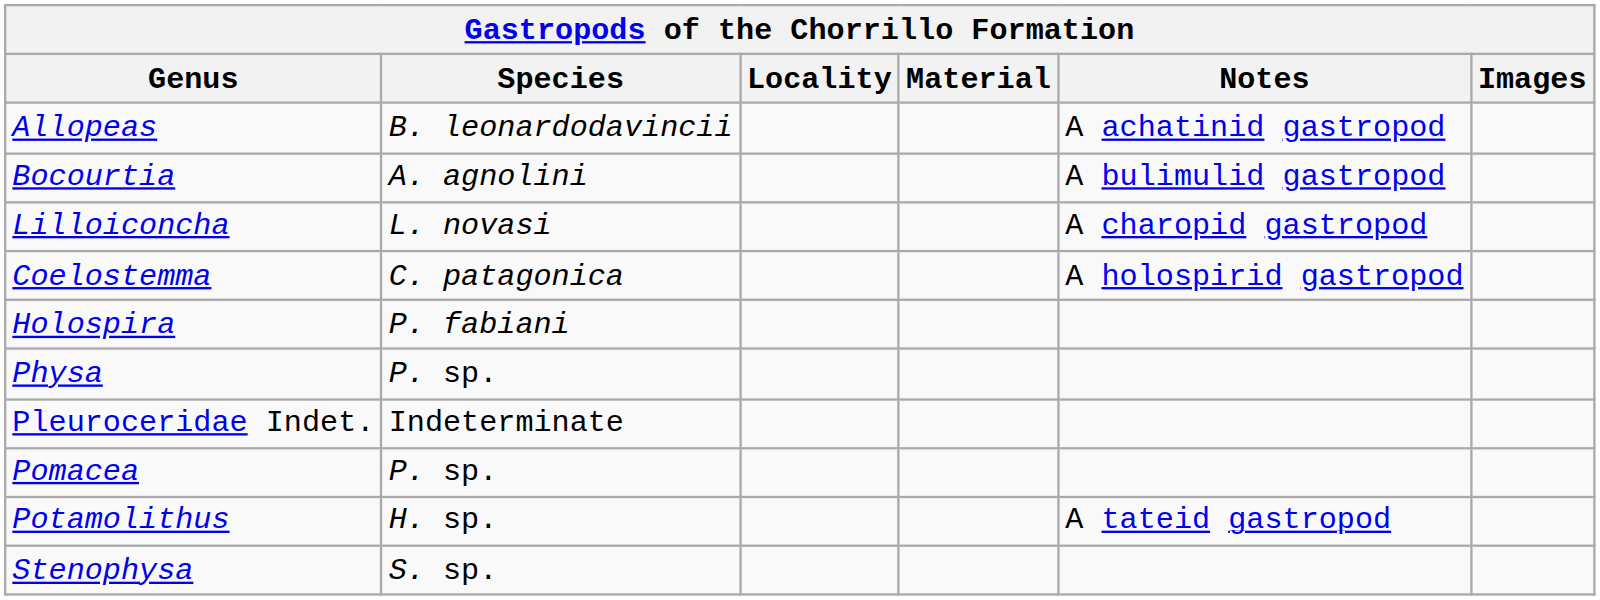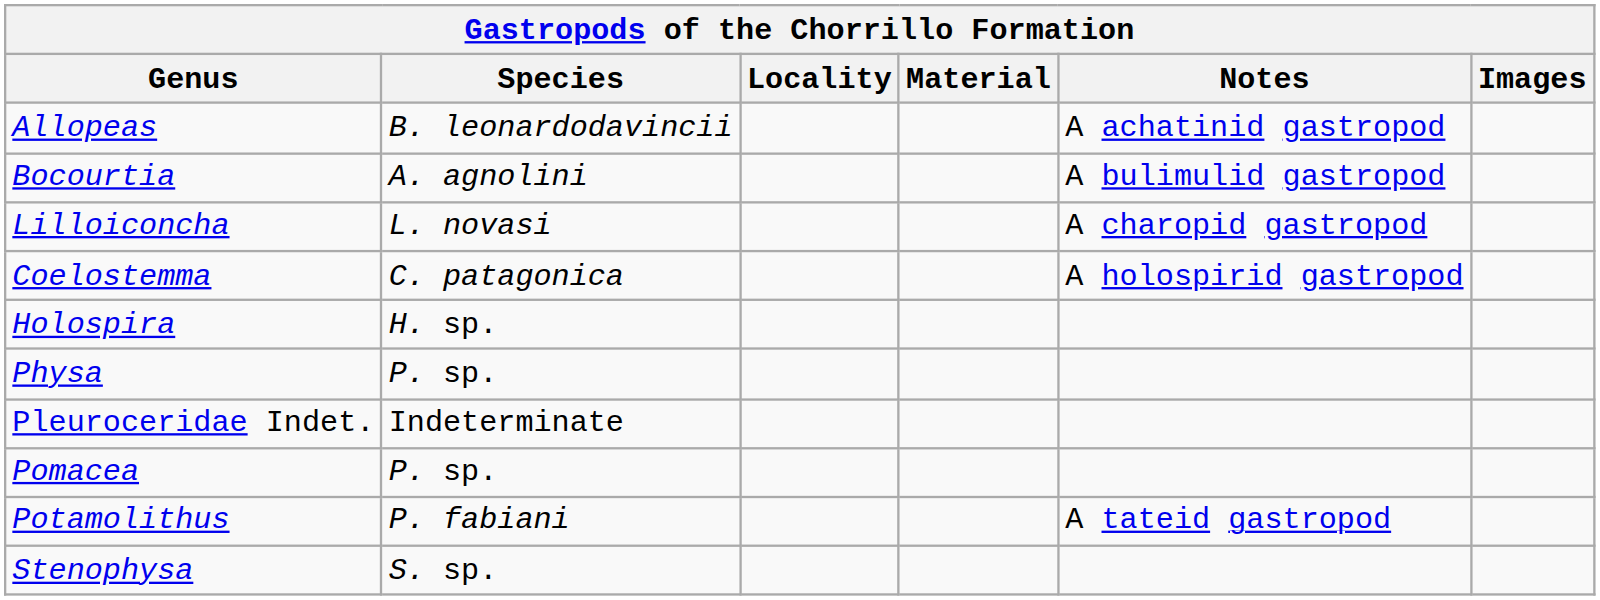 <table class="wikitable" align="center">
 <tr>
 <th colspan="7" align="center"><a href='#'>Gastropods</a> of the Chorrillo Formation</th>
 </tr>
 <tr>
 <th>Genus</th>
 <th>Species</th>
 <th>Locality</th>
 <th>Material</th>
 <th>Notes</th>
 <th>Images</th>
 </tr>
 <tr>
 <td><em><a href='#'>Allopeas</a></em></td>
 <td><em>B. leonardodavincii</em></td>
 <td></td>
 <td></td>
 <td>A <a href='#'>achatinid</a> <a href='#'>gastropod</a></td>
 <td></td>
 </tr>
 <tr>
 <td><em><a href='#'>Bocourtia</a></em></td>
 <td><em>A. agnolini </em></td>
 <td></td>
 <td></td>
 <td>A <a href='#'>bulimulid</a> <a href='#'>gastropod</a></td>
 <td></td>
 </tr>
 <tr>
 <td><em><a href='#'>Lilloiconcha</a></em></td>
 <td><em>L. novasi</em></td>
 <td></td>
 <td></td>
 <td>A <a href='#'>charopid</a> <a href='#'>gastropod</a></td>
 <td></td>
 </tr>
 <tr>
 <td><em><a href='#'>Coelostemma</a></em></td>
 <td><em>C. patagonica</em></td>
 <td></td>
 <td></td>
 <td>A <a href='#'>holospirid</a> <a href='#'>gastropod</a></td>
 <td></td>
 </tr>
 <tr>
 <td><em><a href='#'>Holospira</a></em></td>
-<td><em>P. fabiani</em></td>
+<td><em>H.</em> sp.</td>
 <td></td>
 <td></td>
 <td></td>
 <td></td>
 </tr>
 <tr>
 <td><em><a href='#'>Physa</a></em></td>
 <td><em>P.</em> sp.</td>
 <td></td>
 <td></td>
 <td></td>
 <td></td>
 </tr>
 <tr>
 <td><a href='#'>Pleuroceridae</a> Indet.</td>
 <td>Indeterminate</td>
 <td></td>
 <td></td>
 <td></td>
 <td></td>
 </tr>
 <tr>
 <td><em><a href='#'>Pomacea</a></em></td>
 <td><em>P.</em> sp.</td>
 <td></td>
 <td></td>
 <td></td>
 <td></td>
 </tr>
 <tr>
 <td><em><a href='#'>Potamolithus</a></em></td>
-<td><em>H.</em> sp.</td>
+<td><em>P. fabiani</em></td>
 <td></td>
 <td></td>
 <td>A <a href='#'>tateid</a> <a href='#'>gastropod</a></td>
 <td></td>
 </tr>
 <tr>
 <td><em><a href='#'>Stenophysa</a></em></td>
 <td><em>S.</em> sp.</td>
 <td></td>
 <td></td>
 <td></td>
 <td></td>
 </tr>
 </table>
